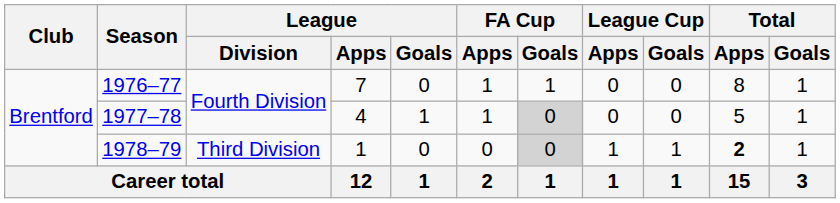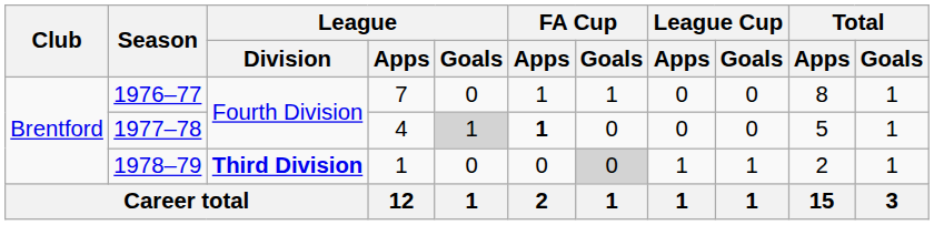 <table class="wikitable" style="text-align: center;">
 <tr>
 <th rowspan="2">Club</th>
 <th rowspan="2">Season</th>
 <th colspan="3">League</th>
 <th colspan="2">FA Cup</th>
 <th colspan="2">League Cup</th>
 <th colspan="2">Total</th>
 </tr>
 <tr>
 <th>Division</th>
 <th>Apps</th>
 <th>Goals</th>
 <th>Apps</th>
 <th>Goals</th>
 <th>Apps</th>
 <th>Goals</th>
 <th>Apps</th>
 <th>Goals</th>
 </tr>
 <tr>
 <td rowspan="3"><a href='#'>Brentford</a></td>
 <td><a href='#'>1976–77</a></td>
 <td rowspan="2"><a href='#'>Fourth Division</a></td>
 <td>7</td>
 <td>0</td>
 <td>1</td>
 <td>1</td>
 <td>0</td>
 <td>0</td>
 <td>8</td>
 <td>1</td>
 </tr>
 <tr>
 <td><a href='#'>1977–78</a></td>
 <td>4</td>
-<td>1</td>
-<td>1</td>
-<td style="background: lightgrey;">0</td>
+<td style="background: lightgrey;">1</td>
+<td><strong>1</strong></td>
+<td>0</td>
 <td>0</td>
 <td>0</td>
 <td>5</td>
 <td>1</td>
 </tr>
 <tr>
 <td><a href='#'>1978–79</a></td>
-<td><a href='#'>Third Division</a></td>
+<td><strong><a href='#'>Third Division</a></strong></td>
 <td>1</td>
 <td>0</td>
 <td>0</td>
 <td style="background: lightgrey;">0</td>
 <td>1</td>
 <td>1</td>
-<td><strong>2</strong></td>
+<td>2</td>
 <td>1</td>
 </tr>
 <tr>
 <th colspan="3">Career total</th>
 <th>12</th>
 <th>1</th>
 <th>2</th>
 <th>1</th>
 <th>1</th>
 <th>1</th>
 <th>15</th>
 <th>3</th>
 </tr>
 </table>
